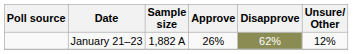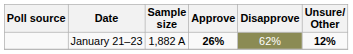 <table class="wikitable sortable collapsible" style="text-align:center;line-height:17px">
 <tr>
 <th>Poll source</th>
 <th>Date</th>
 <th>Sample<br>size</th>
 <th>Approve</th>
 <th>Disapprove</th>
 <th>Unsure/<br>Other</th>
 </tr>
 <tr>
 <td></td>
 <td>January 21–23</td>
 <td>1,882 A</td>
-<td>26%</td>
+<td><strong>26%</strong></td>
 <td style="background:#8B8B54; color: white">62%</td>
-<td>12%</td>
+<td><strong>12%</strong></td>
 </tr>
 <tr>
 </tr>
 </table>
